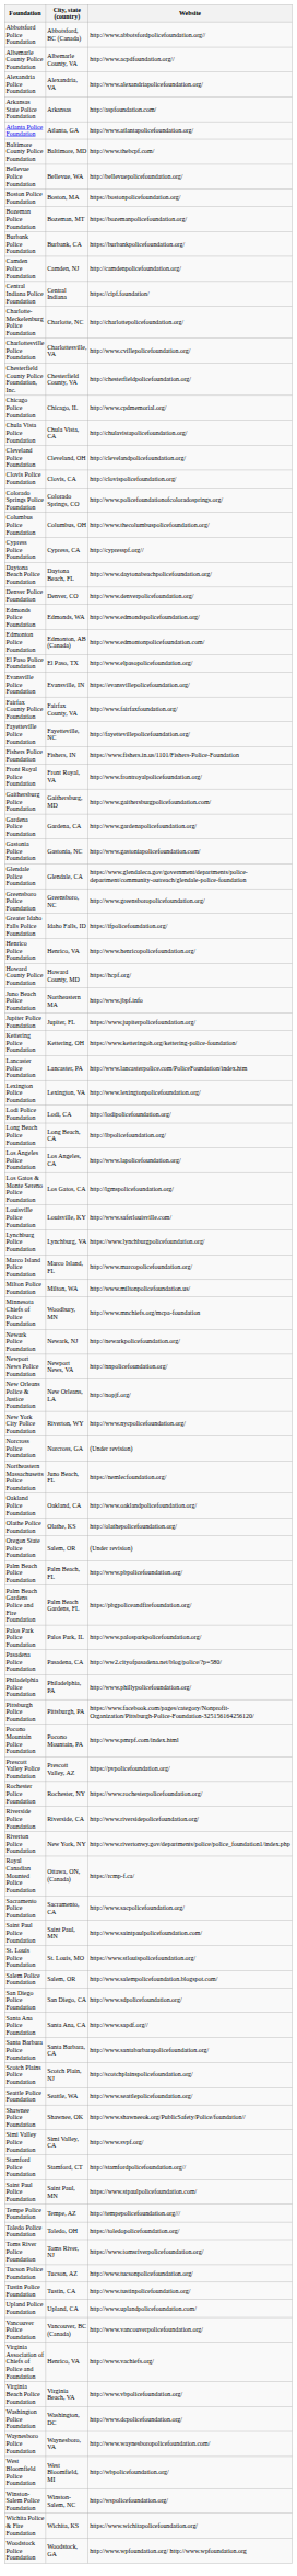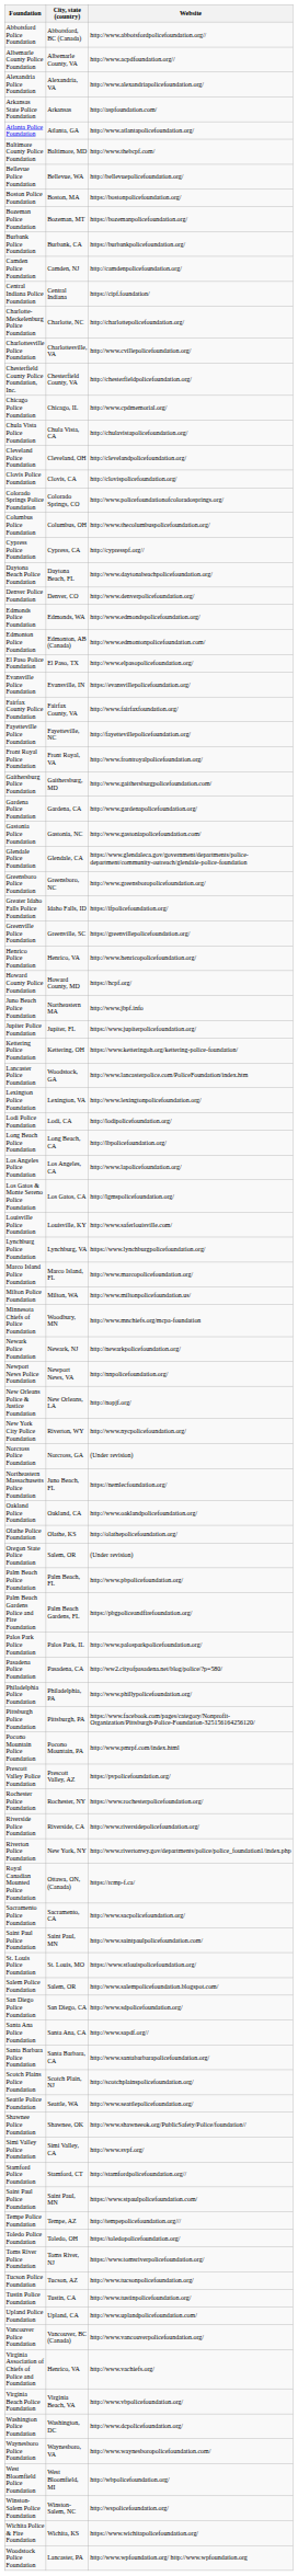 <table class="wikitable sortable">
 <tr>
 <th>Foundation</th>
 <th>City, state (country)</th>
 <th>Website</th>
 </tr>
 <tr>
 <td>Abbotsford Police Foundation</td>
 <td>Abbotsford, BC (Canada)</td>
 <td>http://www.abbotsfordpolicefoundation.org//</td>
 </tr>
 <tr>
 <td>Albemarle County Police Foundation</td>
 <td>Albemarle County, VA</td>
 <td>http://www.acpdfoundation.org//</td>
 </tr>
 <tr>
 <td>Alexandria Police Foundation</td>
 <td>Alexandria, VA</td>
 <td>http://www.alexandriapolicefoundation.org/</td>
 </tr>
 <tr>
 <td>Arkansas State Police Foundation</td>
 <td>Arkansas</td>
 <td>http://aspfoundation.com/</td>
 </tr>
 <tr>
 <td><a href='#'>Atlanta Police Foundation</a></td>
 <td>Atlanta, GA</td>
 <td>http://www.atlantapolicefoundation.org/</td>
 </tr>
 <tr>
 <td>Baltimore County Police Foundation</td>
 <td>Baltimore, MD</td>
 <td>http://www.thebcpf.com/</td>
 </tr>
 <tr>
 <td>Bellevue Police Foundation</td>
 <td>Bellevue, WA</td>
 <td>http://bellevuepolicefoundation.org/</td>
 </tr>
 <tr>
 <td>Boston Police Foundation</td>
 <td>Boston, MA</td>
 <td>https://bostonpolicefoundation.org/</td>
 </tr>
 <tr>
 <td>Bozeman Police Foundation</td>
 <td>Bozeman, MT</td>
 <td>https://bozemanpolicefoundation.org/</td>
 </tr>
 <tr>
 <td>Burbank Police Foundation</td>
 <td>Burbank, CA</td>
 <td>https://burbankpolicefoundation.org/</td>
 </tr>
 <tr>
 <td>Camden Police Foundation</td>
 <td>Camden, NJ</td>
 <td>http://camdenpolicefoundation.org/</td>
 </tr>
 <tr>
 <td>Central Indiana Police Foundation</td>
 <td>Central Indiana</td>
 <td>https://cipf.foundation/</td>
 </tr>
 <tr>
 <td>Charlotte-Meckelenburg Police Foundation</td>
 <td>Charlotte, NC</td>
 <td>http://charlottepolicefoundation.org/</td>
 </tr>
 <tr>
 <td>Charlottesville Police Foundation</td>
 <td>Charlottesville, VA</td>
 <td>http://www.cvillepolicefoundation.org/</td>
 </tr>
 <tr>
 <td>Chesterfield County Police Foundation, Inc.</td>
 <td>Chesterfield County, VA</td>
 <td>http://chesterfieldpolicefoundation.org/</td>
 </tr>
 <tr>
 <td>Chicago Police Foundation</td>
 <td>Chicago, IL</td>
 <td>http://www.cpdmemorial.org/</td>
 </tr>
 <tr>
 <td>Chula Vista Police Foundation</td>
 <td>Chula Vista, CA</td>
 <td>http://chulavistapolicefoundation.org/</td>
 </tr>
 <tr>
 <td>Cleveland Police Foundation</td>
 <td>Cleveland, OH</td>
 <td>http://clevelandpolicefoundation.org/</td>
 </tr>
 <tr>
 <td>Clovis Police Foundation</td>
 <td>Clovis, CA</td>
 <td>http://clovispolicefoundation.org/</td>
 </tr>
 <tr>
 <td>Colorado Springs Police Foundation</td>
 <td>Colorado Springs, CO</td>
 <td>http://www.policefoundationofcoloradosprings.org/</td>
 </tr>
 <tr>
 <td>Columbus Police Foundation</td>
 <td>Columbus, OH</td>
 <td>http://www.thecolumbuspolicefoundation.org/</td>
 </tr>
 <tr>
 <td>Cypress Police Foundation</td>
 <td>Cypress, CA</td>
 <td>http://cypresspf.org//</td>
 </tr>
 <tr>
 <td>Daytona Beach Police Foundation</td>
 <td>Daytona Beach, FL</td>
 <td>http://www.daytonabeachpolicefoundation.org/</td>
 </tr>
 <tr>
 <td>Denver Police Foundation</td>
 <td>Denver, CO</td>
 <td>http://www.denverpolicefoundation.org/</td>
 </tr>
 <tr>
 <td>Edmonds Police Foundation</td>
 <td>Edmonds, WA</td>
 <td>http://www.edmondspolicefoundation.org/</td>
 </tr>
 <tr>
 <td>Edmonton Police Foundation</td>
 <td>Edmonton, AB (Canada)</td>
 <td>http://www.edmontonpolicefoundation.com/</td>
 </tr>
 <tr>
 <td>El Paso Police Foundation</td>
 <td>El Paso, TX</td>
 <td>http://www.elpasopolicefoundation.org/</td>
 </tr>
 <tr>
 <td>Evansville Police Foundation</td>
 <td>Evansville, IN</td>
 <td>https://evansvillepolicefoundation.org/</td>
 </tr>
 <tr>
 <td>Fairfax County Police Foundation</td>
 <td>Fairfax County, VA</td>
 <td>http://www.fairfaxfoundation.org/</td>
 </tr>
 <tr>
 <td>Fayetteville Police Foundation</td>
 <td>Fayetteville, NC</td>
 <td>http://fayettevillepolicefoundation.org/</td>
 </tr>
 <tr>
-<td>Fishers Police Foundation</td>
-<td>Fishers, IN</td>
-<td>https://www.fishers.in.us/1101/Fishers-Police-Foundation</td>
-</tr>
-<tr>
 <td>Front Royal Police Foundation</td>
 <td>Front Royal, VA</td>
 <td>http://www.frontroyalpolicefoundation.org/</td>
 </tr>
 <tr>
 <td>Gaithersburg Police Foundation</td>
 <td>Gaithersburg, MD</td>
 <td>http://www.gaithersburgpolicefoundation.com/</td>
 </tr>
 <tr>
 <td>Gardena Police Foundation</td>
 <td>Gardena, CA</td>
 <td>http://www.gardenapolicefoundation.org/</td>
 </tr>
 <tr>
 <td>Gastonia Police Foundation</td>
 <td>Gastonia, NC</td>
 <td>http://www.gastoniapolicefoundation.com/</td>
 </tr>
 <tr>
 <td>Glendale Police Foundation</td>
 <td>Glendale, CA</td>
 <td>https://www.glendaleca.gov/government/departments/police-department/community-outreach/glendale-police-foundation</td>
 </tr>
 <tr>
 <td>Greensboro Police Foundation</td>
 <td>Greensboro, NC</td>
 <td>http://www.greensboropolicefoundation.org/</td>
 </tr>
 <tr>
 <td>Greater Idaho Falls Police Foundation</td>
 <td>Idaho Falls, ID</td>
 <td>https://ifpolicefoundation.org/</td>
 </tr>
 <tr>
+<td>Greenville Police Foundation</td>
+<td>Greenville, SC</td>
+<td>https://greenvillepolicefoundation.org/</td>
+</tr>
+<tr>
 <td>Henrico Police Foundation</td>
 <td>Henrico, VA</td>
 <td>http://www.henricopolicefoundation.org/</td>
 </tr>
 <tr>
 <td>Howard County Police Foundation</td>
 <td>Howard County, MD</td>
 <td>https://hcpf.org/</td>
 </tr>
 <tr>
 <td>Juno Beach Police Foundation</td>
 <td>Northeastern MA</td>
 <td>http://www.jbpf.info</td>
 </tr>
 <tr>
 <td>Jupiter Police Foundation</td>
 <td>Jupiter, FL</td>
 <td>https://www.jupiterpolicefoundation.org/</td>
 </tr>
 <tr>
 <td>Kettering Police Foundation</td>
 <td>Kettering, OH</td>
 <td>https://www.ketteringoh.org/kettering-police-foundation/</td>
 </tr>
 <tr>
 <td>Lancaster Police Foundation</td>
-<td>Lancaster, PA</td>
+<td>Woodstock, GA</td>
 <td>http://www.lancasterpolice.com/PoliceFoundation/index.htm</td>
 </tr>
 <tr>
 <td>Lexington Police Foundation</td>
 <td>Lexington, VA</td>
 <td>http://www.lexingtonpolicefoundation.org/</td>
 </tr>
 <tr>
 <td>Lodi Police Foundation</td>
 <td>Lodi, CA</td>
 <td>http://lodipolicefoundation.org/</td>
 </tr>
 <tr>
 <td>Long Beach Police Foundation</td>
 <td>Long Beach, CA</td>
 <td>http://lbpolicefoundation.org/</td>
 </tr>
 <tr>
 <td>Los Angeles Police Foundation</td>
 <td>Los Angeles, CA</td>
 <td>http://www.lapolicefoundation.org/</td>
 </tr>
 <tr>
 <td>Los Gatos & Monte Sereno Police Foundation</td>
 <td>Los Gatos, CA</td>
 <td>http://lgmspolicefoundation.org/</td>
 </tr>
 <tr>
 <td>Louisville Police Foundation</td>
 <td>Louisville, KY</td>
 <td>http://www.saferlouisville.com/</td>
 </tr>
 <tr>
 <td>Lynchburg Police Foundation</td>
 <td>Lynchburg, VA</td>
 <td>https://www.lynchburgpolicefoundation.org/</td>
 </tr>
 <tr>
 <td>Marco Island Police Foundation</td>
 <td>Marco Island, FL</td>
 <td>http://www.marcopolicefoundation.org/</td>
 </tr>
 <tr>
 <td>Milton Police Foundation</td>
 <td>Milton, WA</td>
 <td>http://www.miltonpolicefoundation.us/</td>
 </tr>
 <tr>
 <td>Minnesota Chiefs of Police Foundation</td>
 <td>Woodbury, MN</td>
 <td>http://www.mnchiefs.org/mcpa-foundation</td>
 </tr>
 <tr>
 <td>Newark Police Foundation</td>
 <td>Newark, NJ</td>
 <td>http://newarkpolicefoundation.org/</td>
 </tr>
 <tr>
 <td>Newport News Police Foundation</td>
 <td>Newport News, VA</td>
 <td>http://nnpolicefoundation.org/</td>
 </tr>
 <tr>
 <td>New Orleans Police & Justice Foundation</td>
 <td>New Orleans, LA</td>
 <td>http://nopjf.org/</td>
 </tr>
 <tr>
 <td>New York City Police Foundation</td>
 <td>Riverton, WY</td>
 <td>http://www.nycpolicefoundation.org/</td>
 </tr>
 <tr>
 <td>Norcross Police Foundation</td>
 <td>Norcross, GA</td>
 <td>(Under revision)</td>
 </tr>
 <tr>
 <td>Northeastern Massachusetts Police Foundation</td>
 <td>Juno Beach, FL</td>
 <td>https://nemlecfoundation.org/</td>
 </tr>
 <tr>
 <td>Oakland Police Foundation</td>
 <td>Oakland, CA</td>
 <td>http://www.oaklandpolicefoundation.org/</td>
 </tr>
 <tr>
 <td>Olathe Police Foundation</td>
 <td>Olathe, KS</td>
 <td>http://olathepolicefoundation.org/</td>
 </tr>
 <tr>
 <td>Oregon State Police Foundation</td>
 <td>Salem, OR</td>
 <td>(Under revision)</td>
 </tr>
 <tr>
 <td>Palm Beach Police Foundation</td>
 <td>Palm Beach, FL</td>
 <td>http://www.pbpolicefoundation.org/</td>
 </tr>
 <tr>
 <td>Palm Beach Gardens Police and Fire Foundation</td>
 <td>Palm Beach Gardens, FL</td>
 <td>https://pbgpoliceandfirefoundation.org/</td>
 </tr>
 <tr>
 <td>Palos Park Police Foundation</td>
 <td>Palos Park, IL</td>
 <td>http://www.palosparkpolicefoundation.org/</td>
 </tr>
 <tr>
 <td>Pasadena Police Foundation</td>
 <td>Pasadena, CA</td>
 <td>http://ww2.cityofpasadena.net/blog/police/?p=580/</td>
 </tr>
 <tr>
 <td>Philadelphia Police Foundation</td>
 <td>Philadelphia, PA</td>
 <td>http://www.phillypolicefoundation.org/</td>
 </tr>
 <tr>
 <td>Pittsburgh Police Foundation</td>
 <td>Pittsburgh, PA</td>
 <td>https://www.facebook.com/pages/category/Nonprofit-Organization/Pittsburgh-Police-Foundation-325156164256120/</td>
 </tr>
 <tr>
 <td>Pocono Mountain Police Foundation</td>
 <td>Pocono Mountain, PA</td>
 <td>http://www.pmrpf.com/index.html</td>
 </tr>
 <tr>
 <td>Prescott Valley Police Foundation</td>
 <td>Prescott Valley, AZ</td>
 <td>https://pvpolicefoundation.org/</td>
 </tr>
 <tr>
 <td>Rochester Police Foundation</td>
 <td>Rochester, NY</td>
 <td>https://www.rochesterpolicefoundation.org/</td>
 </tr>
 <tr>
 <td>Riverside Police Foundation</td>
 <td>Riverside, CA</td>
 <td>http://www.riversidepolicefoundation.org/</td>
 </tr>
 <tr>
 <td>Riverton Police Foundation</td>
 <td>New York, NY</td>
 <td>http://www.rivertonwy.gov/departments/police/police_foundation1/index.php</td>
 </tr>
 <tr>
 <td>Royal Canadian Mounted Police Foundation</td>
 <td>Ottawa, ON, (Canada)</td>
 <td>https://rcmp-f.ca/</td>
 </tr>
 <tr>
 <td>Sacramento Police Foundation</td>
 <td>Sacramento, CA</td>
 <td>http://www.sacpolicefoundation.org/</td>
 </tr>
 <tr>
 <td>Saint Paul Police Foundation</td>
 <td>Saint Paul, MN</td>
 <td>http://www.saintpaulpolicefoundation.com/</td>
 </tr>
 <tr>
 <td>St. Louis Police Foundation</td>
 <td>St. Louis, MO</td>
 <td>https://www.stlouispolicefoundation.org/</td>
 </tr>
 <tr>
 <td>Salem Police Foundation</td>
 <td>Salem, OR</td>
 <td>http://www.salempolicefoundation.blogspot.com/</td>
 </tr>
 <tr>
 <td>San Diego Police Foundation</td>
 <td>San Diego, CA</td>
 <td>http://www.sdpolicefoundation.org/</td>
 </tr>
 <tr>
 <td>Santa Ana Police Foundation</td>
 <td>Santa Ana, CA</td>
 <td>http://www.sapdf.org//</td>
 </tr>
 <tr>
 <td>Santa Barbara Police Foundation</td>
 <td>Santa Barbara, CA</td>
 <td>http://www.santabarbarapolicefoundation.org/</td>
 </tr>
 <tr>
 <td>Scotch Plains Police Foundation</td>
 <td>Scotch Plain, NJ</td>
 <td>http://scotchplainspolicefoundation.org/</td>
 </tr>
 <tr>
 <td>Seattle Police Foundation</td>
 <td>Seattle, WA</td>
 <td>http://www.seattlepolicefoundation.org/</td>
 </tr>
 <tr>
 <td>Shawnee Police Foundation</td>
 <td>Shawnee, OK</td>
 <td>http://www.shawneeok.org/PublicSafety/Police/foundation//</td>
 </tr>
 <tr>
 <td>Simi Valley Police Foundation</td>
 <td>Simi Valley, CA</td>
 <td>http://www.svpf.org/</td>
 </tr>
 <tr>
 <td>Stamford Police Foundation</td>
 <td>Stamford, CT</td>
 <td>http://stamfordpolicefoundation.org//</td>
 </tr>
 <tr>
 <td>Saint Paul Police Foundation</td>
 <td>Saint Paul, MN</td>
 <td>https://www.stpaulpolicefoundation.com/</td>
 </tr>
 <tr>
 <td>Tempe Police Foundation</td>
 <td>Tempe, AZ</td>
 <td>http://tempepolicefoundation.org///</td>
 </tr>
 <tr>
 <td>Toledo Police Foundation</td>
 <td>Toledo, OH</td>
 <td>https://toledopolicefoundation.org/</td>
 </tr>
 <tr>
 <td>Toms River Police Foundation</td>
 <td>Toms River, NJ</td>
 <td>https://www.tomsriverpolicefoundation.org/</td>
 </tr>
 <tr>
 <td>Tucson Police Foundation</td>
 <td>Tucson, AZ</td>
 <td>http://www.tucsonpolicefoundation.org/</td>
 </tr>
 <tr>
 <td>Tustin Police Foundation</td>
 <td>Tustin, CA</td>
 <td>http://www.tustinpolicefoundation.org/</td>
 </tr>
 <tr>
 <td>Upland Police Foundation</td>
 <td>Upland, CA</td>
 <td>http://www.uplandpolicefoundation.com/</td>
 </tr>
 <tr>
 <td>Vancouver Police Foundation</td>
 <td>Vancouver, BC (Canada)</td>
 <td>http://www.vancouverpolicefoundation.org/</td>
 </tr>
 <tr>
 <td>Virginia Association of Chiefs of Police and Foundation</td>
 <td>Henrico, VA</td>
 <td>http://www.vachiefs.org/</td>
 </tr>
 <tr>
 <td>Virginia Beach Police Foundation</td>
 <td>Virginia Beach, VA</td>
 <td>http://www.vbpolicefoundation.org/</td>
 </tr>
 <tr>
 <td>Washington Police Foundation</td>
 <td>Washington, DC</td>
 <td>http://www.dcpolicefoundation.org/</td>
 </tr>
 <tr>
 <td>Waynesboro Police Foundation</td>
 <td>Waynesboro, VA</td>
 <td>http://www.waynesboropolicefoundation.com/</td>
 </tr>
 <tr>
 <td>West Bloomfield Police Foundation</td>
 <td>West Bloomfield, MI</td>
 <td>http://wbpolicefoundation.org/</td>
 </tr>
 <tr>
 <td>Winston-Salem Police Foundation</td>
 <td>Winston-Salem, NC</td>
 <td>http://wspolicefoundation.org/</td>
 </tr>
 <tr>
 <td>Wichita Police & Fire Foundation</td>
 <td>Wichita, KS</td>
 <td>https://www.wichitapolicefoundation.org/</td>
 </tr>
 <tr>
 <td>Woodstock Police Foundation</td>
-<td>Woodstock, GA</td>
+<td>Lancaster, PA</td>
 <td>http://www.wpfoundation.org/ http://www.wpfoundation.org</td>
 </tr>
 </table>
